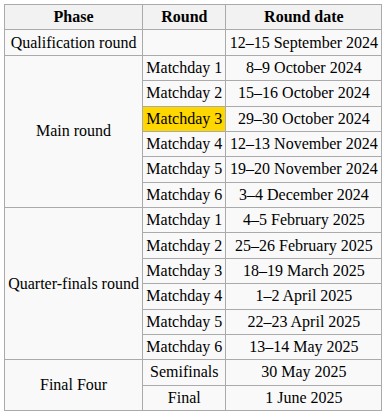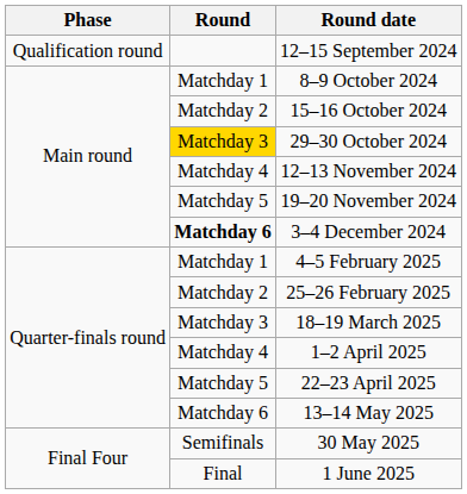 <table class="wikitable" style="text-align:center">
 <tr>
 <th>Phase</th>
 <th>Round</th>
 <th>Round date</th>
 </tr>
 <tr>
 <td>Qualification round</td>
 <td></td>
 <td>12–15 September 2024</td>
 </tr>
 <tr>
 <td rowspan=6>Main round</td>
 <td>Matchday 1</td>
 <td>8–9 October 2024</td>
 </tr>
 <tr>
 <td>Matchday 2</td>
 <td>15–16 October 2024</td>
 </tr>
 <tr>
 <td style="background: gold;">Matchday 3</td>
 <td>29–30 October 2024</td>
 </tr>
 <tr>
 <td>Matchday 4</td>
 <td>12–13 November 2024</td>
 </tr>
 <tr>
 <td>Matchday 5</td>
 <td>19–20 November 2024</td>
 </tr>
 <tr>
-<td>Matchday 6</td>
+<td><strong>Matchday 6</strong></td>
 <td>3–4 December 2024</td>
 </tr>
 <tr>
 <td rowspan=6>Quarter-finals round</td>
 <td>Matchday 1</td>
 <td>4–5 February 2025</td>
 </tr>
 <tr>
 <td>Matchday 2</td>
 <td>25–26 February 2025</td>
 </tr>
 <tr>
 <td>Matchday 3</td>
 <td>18–19 March 2025</td>
 </tr>
 <tr>
 <td>Matchday 4</td>
 <td>1–2 April 2025</td>
 </tr>
 <tr>
 <td>Matchday 5</td>
 <td>22–23 April 2025</td>
 </tr>
 <tr>
 <td>Matchday 6</td>
 <td>13–14 May 2025</td>
 </tr>
 <tr>
 <td rowspan=2>Final Four</td>
 <td>Semifinals</td>
 <td>30 May 2025</td>
 </tr>
 <tr>
 <td>Final</td>
 <td>1 June 2025</td>
 </tr>
 </table>
